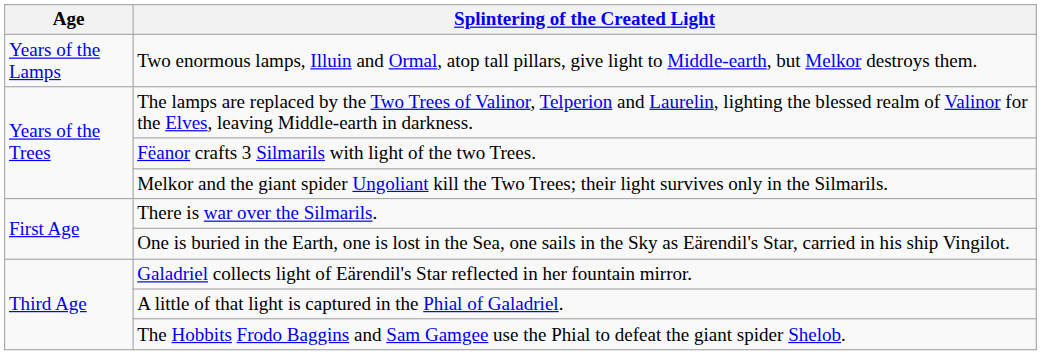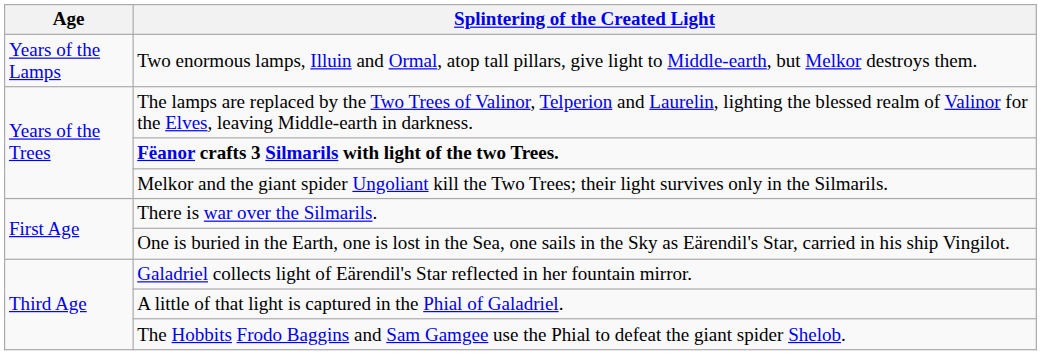 <table class="wikitable">
 <tr>
 <th scope="col">Age</th>
 <th scope="col"><a href='#'>Splintering of the Created Light</a></th>
 </tr>
 <tr>
 <td><a href='#'>Years of the Lamps</a></td>
 <td>Two enormous lamps, <a href='#'>Illuin</a> and <a href='#'>Ormal</a>, atop tall pillars, give light to <a href='#'>Middle-earth</a>, but <a href='#'>Melkor</a> destroys them.</td>
 </tr>
 <tr>
 <td rowspan="3"><a href='#'>Years of the Trees</a></td>
 <td>The lamps are replaced by the <a href='#'>Two Trees of Valinor</a>, <a href='#'>Telperion</a> and <a href='#'>Laurelin</a>, lighting the blessed realm of <a href='#'>Valinor</a> for the <a href='#'>Elves</a>, leaving Middle-earth in darkness.</td>
 </tr>
 <tr>
-<td><a href='#'>Fëanor</a> crafts 3 <a href='#'>Silmarils</a> with light of the two Trees.</td>
+<td><strong><a href='#'>Fëanor</a> crafts 3 <a href='#'>Silmarils</a> with light of the two Trees.</strong></td>
 </tr>
 <tr>
 <td>Melkor and the giant spider <a href='#'>Ungoliant</a> kill the Two Trees; their light survives only in the Silmarils.</td>
 </tr>
 <tr>
 <td rowspan="2"><a href='#'>First Age</a></td>
 <td>There is <a href='#'>war over the Silmarils</a>.</td>
 </tr>
 <tr>
 <td>One is buried in the Earth, one is lost in the Sea, one sails in the Sky as Eärendil's Star, carried in his ship Vingilot.</td>
 </tr>
 <tr>
 <td rowspan="3"><a href='#'>Third Age</a></td>
 <td><a href='#'>Galadriel</a> collects light of Eärendil's Star reflected in her fountain mirror.</td>
 </tr>
 <tr>
 <td>A little of that light is captured in the <a href='#'>Phial of Galadriel</a>.</td>
 </tr>
 <tr>
 <td>The <a href='#'>Hobbits</a> <a href='#'>Frodo Baggins</a> and <a href='#'>Sam Gamgee</a> use the Phial to defeat the giant spider <a href='#'>Shelob</a>.</td>
 </tr>
 </table>
